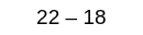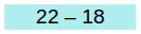 <table style="text-align:center">
 <tr>
 <th width=200></th>
 <th width=100></th>
 <th width=200></th>
 </tr>
 <tr>
 <td align=right><strong></strong></td>
-<td>22 – 18</td>
+<td style="background: paleturquoise;">22 – 18</td>
 <td align=left></td>
 </tr>
 </table>
